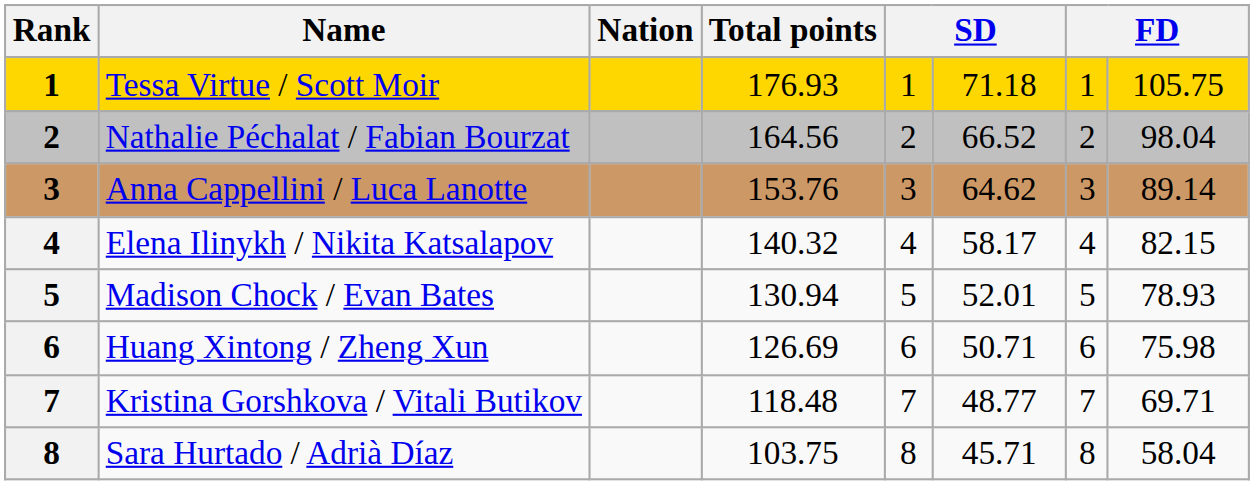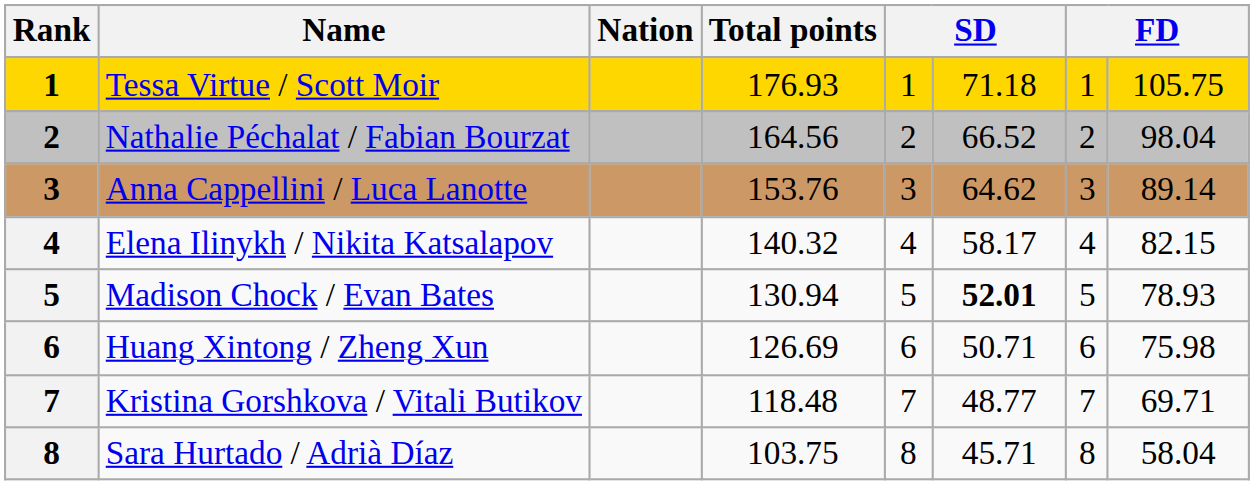 <table class="wikitable sortable">
 <tr>
 <th>Rank</th>
 <th>Name</th>
 <th>Nation</th>
 <th>Total points</th>
 <th colspan="2" width="80px"><a href='#'>SD</a></th>
 <th colspan="2" width="80px"><a href='#'>FD</a></th>
 </tr>
 <tr bgcolor="gold">
 <td align="center"><strong>1</strong></td>
 <td><a href='#'>Tessa Virtue</a> / <a href='#'>Scott Moir</a></td>
 <td></td>
 <td align="center">176.93</td>
 <td align="center">1</td>
 <td align="center">71.18</td>
 <td align="center">1</td>
 <td align="center">105.75</td>
 </tr>
 <tr bgcolor="silver">
 <td align="center"><strong>2</strong></td>
 <td><a href='#'>Nathalie Péchalat</a> / <a href='#'>Fabian Bourzat</a></td>
 <td></td>
 <td align="center">164.56</td>
 <td align="center">2</td>
 <td align="center">66.52</td>
 <td align="center">2</td>
 <td align="center">98.04</td>
 </tr>
 <tr bgcolor="cc9966">
 <td align="center"><strong>3</strong></td>
 <td><a href='#'>Anna Cappellini</a> / <a href='#'>Luca Lanotte</a></td>
 <td></td>
 <td align="center">153.76</td>
 <td align="center">3</td>
 <td align="center">64.62</td>
 <td align="center">3</td>
 <td align="center">89.14</td>
 </tr>
 <tr>
 <th>4</th>
 <td><a href='#'>Elena Ilinykh</a> / <a href='#'>Nikita Katsalapov</a></td>
 <td></td>
 <td align="center">140.32</td>
 <td align="center">4</td>
 <td align="center">58.17</td>
 <td align="center">4</td>
 <td align="center">82.15</td>
 </tr>
 <tr>
 <th>5</th>
 <td><a href='#'>Madison Chock</a> / <a href='#'>Evan Bates</a></td>
 <td></td>
 <td align="center">130.94</td>
 <td align="center">5</td>
-<td align="center">52.01</td>
+<td align="center"><strong>52.01</strong></td>
 <td align="center">5</td>
 <td align="center">78.93</td>
 </tr>
 <tr>
 <th>6</th>
 <td><a href='#'>Huang Xintong</a> / <a href='#'>Zheng Xun</a></td>
 <td></td>
 <td align="center">126.69</td>
 <td align="center">6</td>
 <td align="center">50.71</td>
 <td align="center">6</td>
 <td align="center">75.98</td>
 </tr>
 <tr>
 <th>7</th>
 <td><a href='#'>Kristina Gorshkova</a> / <a href='#'>Vitali Butikov</a></td>
 <td></td>
 <td align="center">118.48</td>
 <td align="center">7</td>
 <td align="center">48.77</td>
 <td align="center">7</td>
 <td align="center">69.71</td>
 </tr>
 <tr>
 <th>8</th>
 <td><a href='#'>Sara Hurtado</a> / <a href='#'>Adrià Díaz</a></td>
 <td></td>
 <td align="center">103.75</td>
 <td align="center">8</td>
 <td align="center">45.71</td>
 <td align="center">8</td>
 <td align="center">58.04</td>
 </tr>
 </table>
